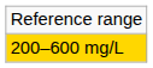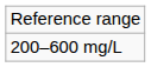 <table class="wikitable" align="right">
 <tr>
 <td>Reference range</td>
 </tr>
 <tr>
-<td style="background: gold;">200–600 mg/L</td>
+<td>200–600 mg/L</td>
 </tr>
 </table>
